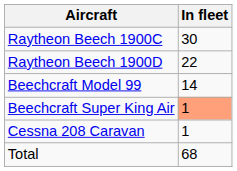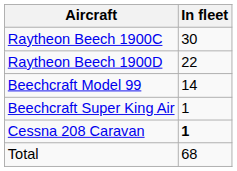 <table class="wikitable">
 <tr>
 <th>Aircraft</th>
 <th>In fleet</th>
 </tr>
 <tr>
 <td><a href='#'>Raytheon Beech 1900C</a></td>
 <td>30</td>
 </tr>
 <tr>
 <td><a href='#'>Raytheon Beech 1900D</a></td>
 <td>22</td>
 </tr>
 <tr>
 <td><a href='#'>Beechcraft Model 99</a></td>
 <td>14</td>
 </tr>
 <tr>
 <td><a href='#'>Beechcraft Super King Air</a></td>
-<td style="background: lightsalmon;">1</td>
+<td>1</td>
 </tr>
 <tr>
 <td><a href='#'>Cessna 208 Caravan</a></td>
-<td>1</td>
+<td><strong>1</strong></td>
 </tr>
 <tr>
 <td>Total</td>
 <td>68</td>
 </tr>
 </table>
